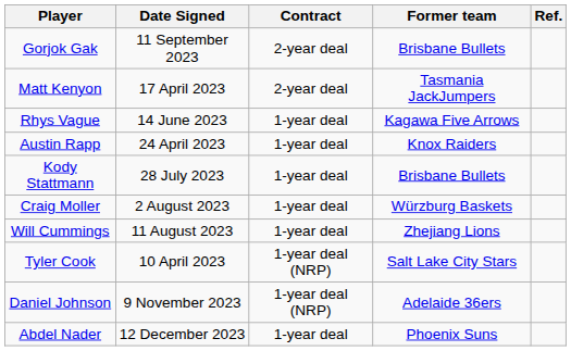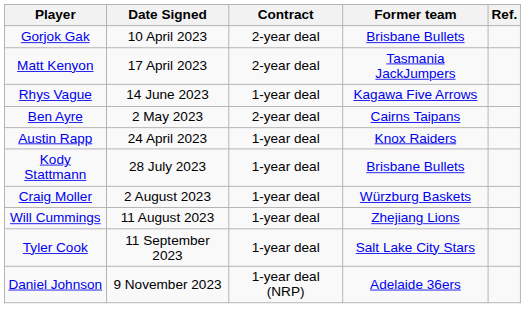 <table class="wikitable sortable sortable" style="text-align: center">
 <tr>
 <th>Player</th>
 <th>Date Signed</th>
 <th>Contract</th>
 <th>Former team</th>
 <th>Ref.</th>
 </tr>
 <tr>
 <td><a href='#'>Gorjok Gak</a></td>
-<td>11 September 2023</td>
+<td>10 April 2023</td>
 <td>2-year deal</td>
 <td><a href='#'>Brisbane Bullets</a></td>
 <td></td>
 </tr>
 <tr>
 <td><a href='#'>Matt Kenyon</a></td>
 <td>17 April 2023</td>
 <td>2-year deal</td>
 <td><a href='#'>Tasmania JackJumpers</a></td>
 <td></td>
 </tr>
 <tr>
 <td><a href='#'>Rhys Vague</a></td>
 <td>14 June 2023</td>
 <td>1-year deal</td>
 <td><a href='#'>Kagawa Five Arrows</a></td>
+<td></td>
+</tr>
+<tr>
+<td><a href='#'>Ben Ayre</a></td>
+<td>2 May 2023</td>
+<td>2-year deal</td>
+<td><a href='#'>Cairns Taipans</a></td>
 <td></td>
 </tr>
 <tr>
 <td><a href='#'>Austin Rapp</a></td>
 <td>24 April 2023</td>
 <td>1-year deal</td>
 <td><a href='#'>Knox Raiders</a></td>
 <td></td>
 </tr>
 <tr>
 <td><a href='#'>Kody Stattmann</a></td>
 <td>28 July 2023</td>
 <td>1-year deal</td>
 <td><a href='#'>Brisbane Bullets</a></td>
 <td></td>
 </tr>
 <tr>
 <td><a href='#'>Craig Moller</a></td>
 <td>2 August 2023</td>
 <td>1-year deal</td>
 <td><a href='#'>Würzburg Baskets</a></td>
 <td></td>
 </tr>
 <tr>
 <td><a href='#'>Will Cummings</a></td>
 <td>11 August 2023</td>
 <td>1-year deal</td>
 <td><a href='#'>Zhejiang Lions</a></td>
 <td></td>
 </tr>
 <tr>
 <td><a href='#'>Tyler Cook</a></td>
-<td>10 April 2023</td>
-<td>1-year deal (NRP)</td>
+<td>11 September 2023</td>
+<td>1-year deal</td>
 <td><a href='#'>Salt Lake City Stars</a></td>
 <td></td>
 </tr>
 <tr>
 <td><a href='#'>Daniel Johnson</a></td>
 <td>9 November 2023</td>
 <td>1-year deal (NRP)</td>
 <td><a href='#'>Adelaide 36ers</a></td>
 <td></td>
 </tr>
-<tr>
-<td><a href='#'>Abdel Nader</a></td>
-<td>12 December 2023</td>
-<td>1-year deal</td>
-<td><a href='#'>Phoenix Suns</a></td>
-<td></td>
-</tr>
 </table>
